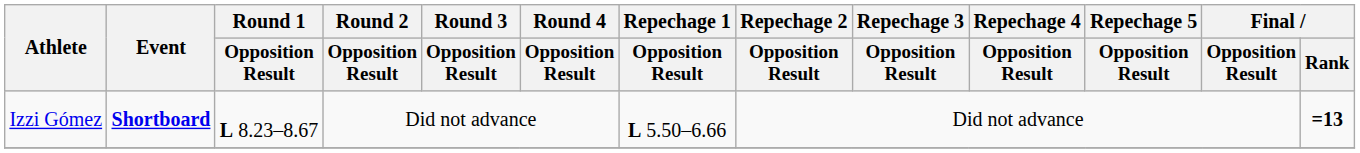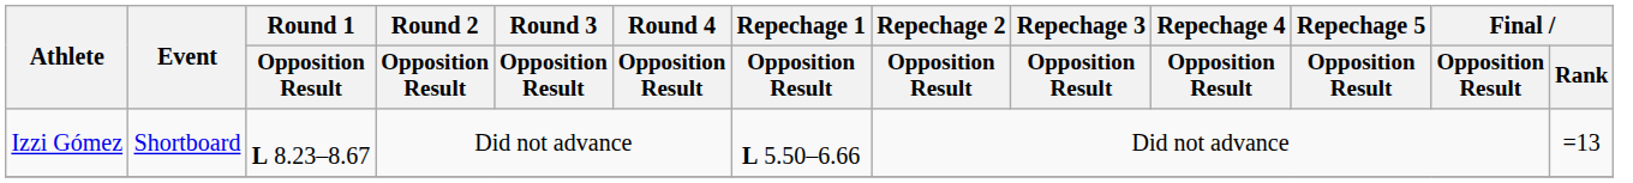 <table class=wikitable style=font-size:90%;text-align:center>
 <tr>
 <th rowspan=2>Athlete</th>
 <th rowspan=2>Event</th>
 <th>Round 1</th>
 <th>Round 2</th>
 <th>Round 3</th>
 <th>Round 4</th>
 <th>Repechage 1</th>
 <th>Repechage 2</th>
 <th>Repechage 3</th>
 <th>Repechage 4</th>
 <th>Repechage 5</th>
 <th colspan=2>Final / </th>
 </tr>
 <tr style=font-size:95%>
 <th>Opposition<br>Result</th>
 <th>Opposition<br>Result</th>
 <th>Opposition<br>Result</th>
 <th>Opposition<br>Result</th>
 <th>Opposition<br>Result</th>
 <th>Opposition<br>Result</th>
 <th>Opposition<br>Result</th>
 <th>Opposition<br>Result</th>
 <th>Opposition<br>Result</th>
 <th>Opposition<br>Result</th>
 <th>Rank</th>
 </tr>
 <tr>
 <td align=left><a href='#'>Izzi Gómez</a></td>
-<td align=left><strong><a href='#'>Shortboard</a></strong></td>
+<td align=left><a href='#'>Shortboard</a></td>
 <td><br><strong>L</strong> 8.23–8.67</td>
 <td colspan="3">Did not advance</td>
 <td><br><strong>L</strong> 5.50–6.66</td>
 <td colspan="5">Did not advance</td>
-<td><strong>=13</strong></td>
+<td>=13</td>
 </tr>
 <tr>
 </tr>
 </table>
